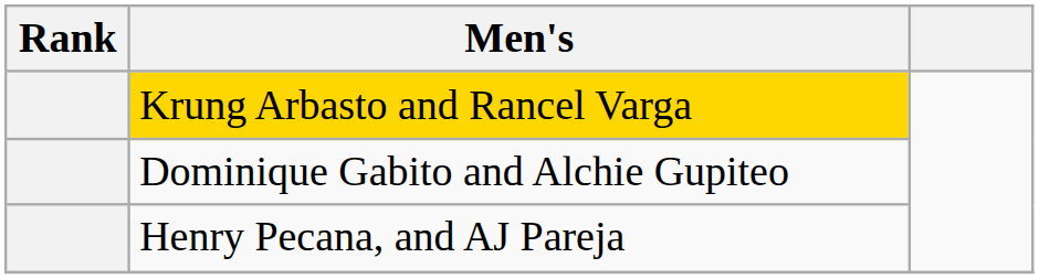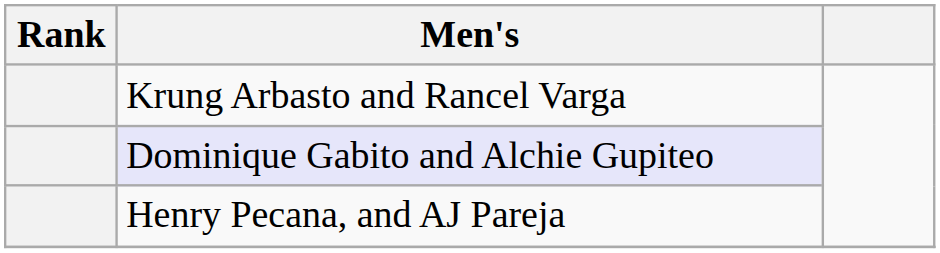 <table class="wikitable" style="text-align: center;">
 <tr>
 <th width=40>Rank</th>
 <th width=290>Men's</th>
 <th width=40></th>
 </tr>
 <tr>
 <th></th>
-<td style="background: gold; text-align:left;">Krung Arbasto and Rancel Varga </td>
+<td style="text-align:left;">Krung Arbasto and Rancel Varga </td>
 <td rowspan=3></td>
 </tr>
 <tr>
 <th></th>
-<td style="text-align:left;">Dominique Gabito and Alchie Gupiteo </td>
+<td style="background: lavender; text-align:left;">Dominique Gabito and Alchie Gupiteo </td>
 </tr>
 <tr>
 <th></th>
 <td style="text-align:left;">Henry Pecana, and AJ Pareja </td>
 </tr>
 <tr>
 </tr>
 </table>
